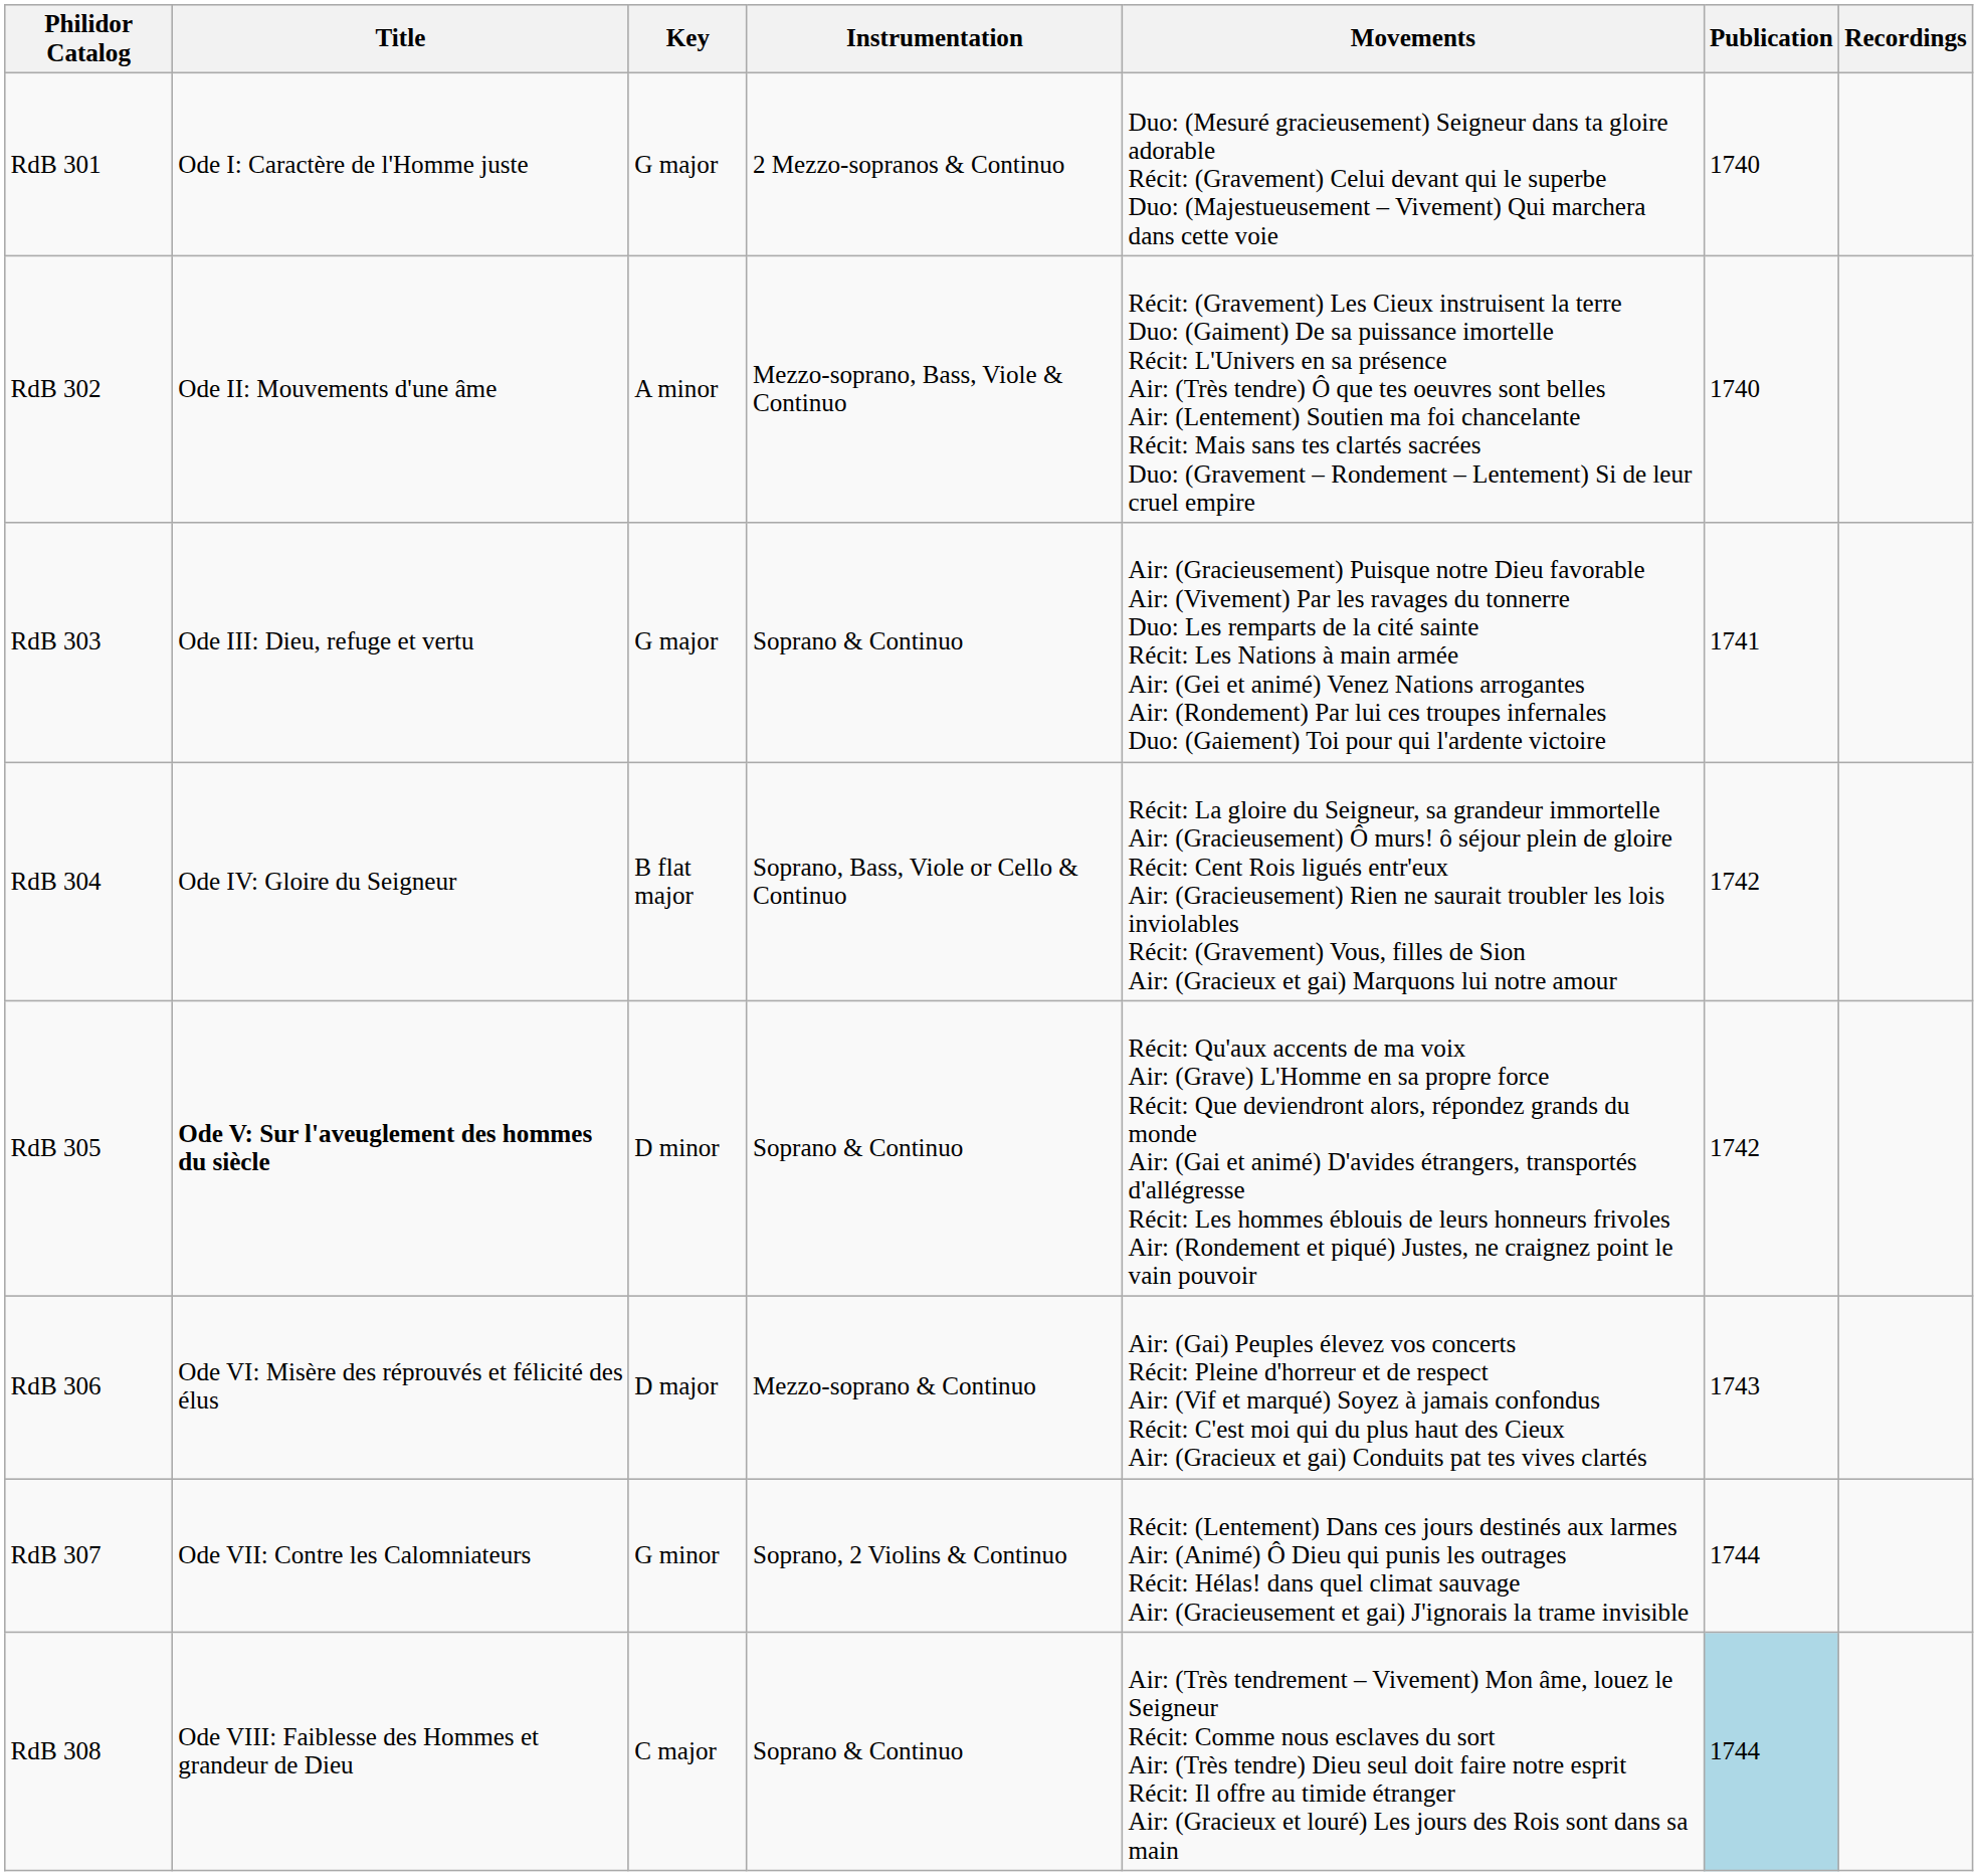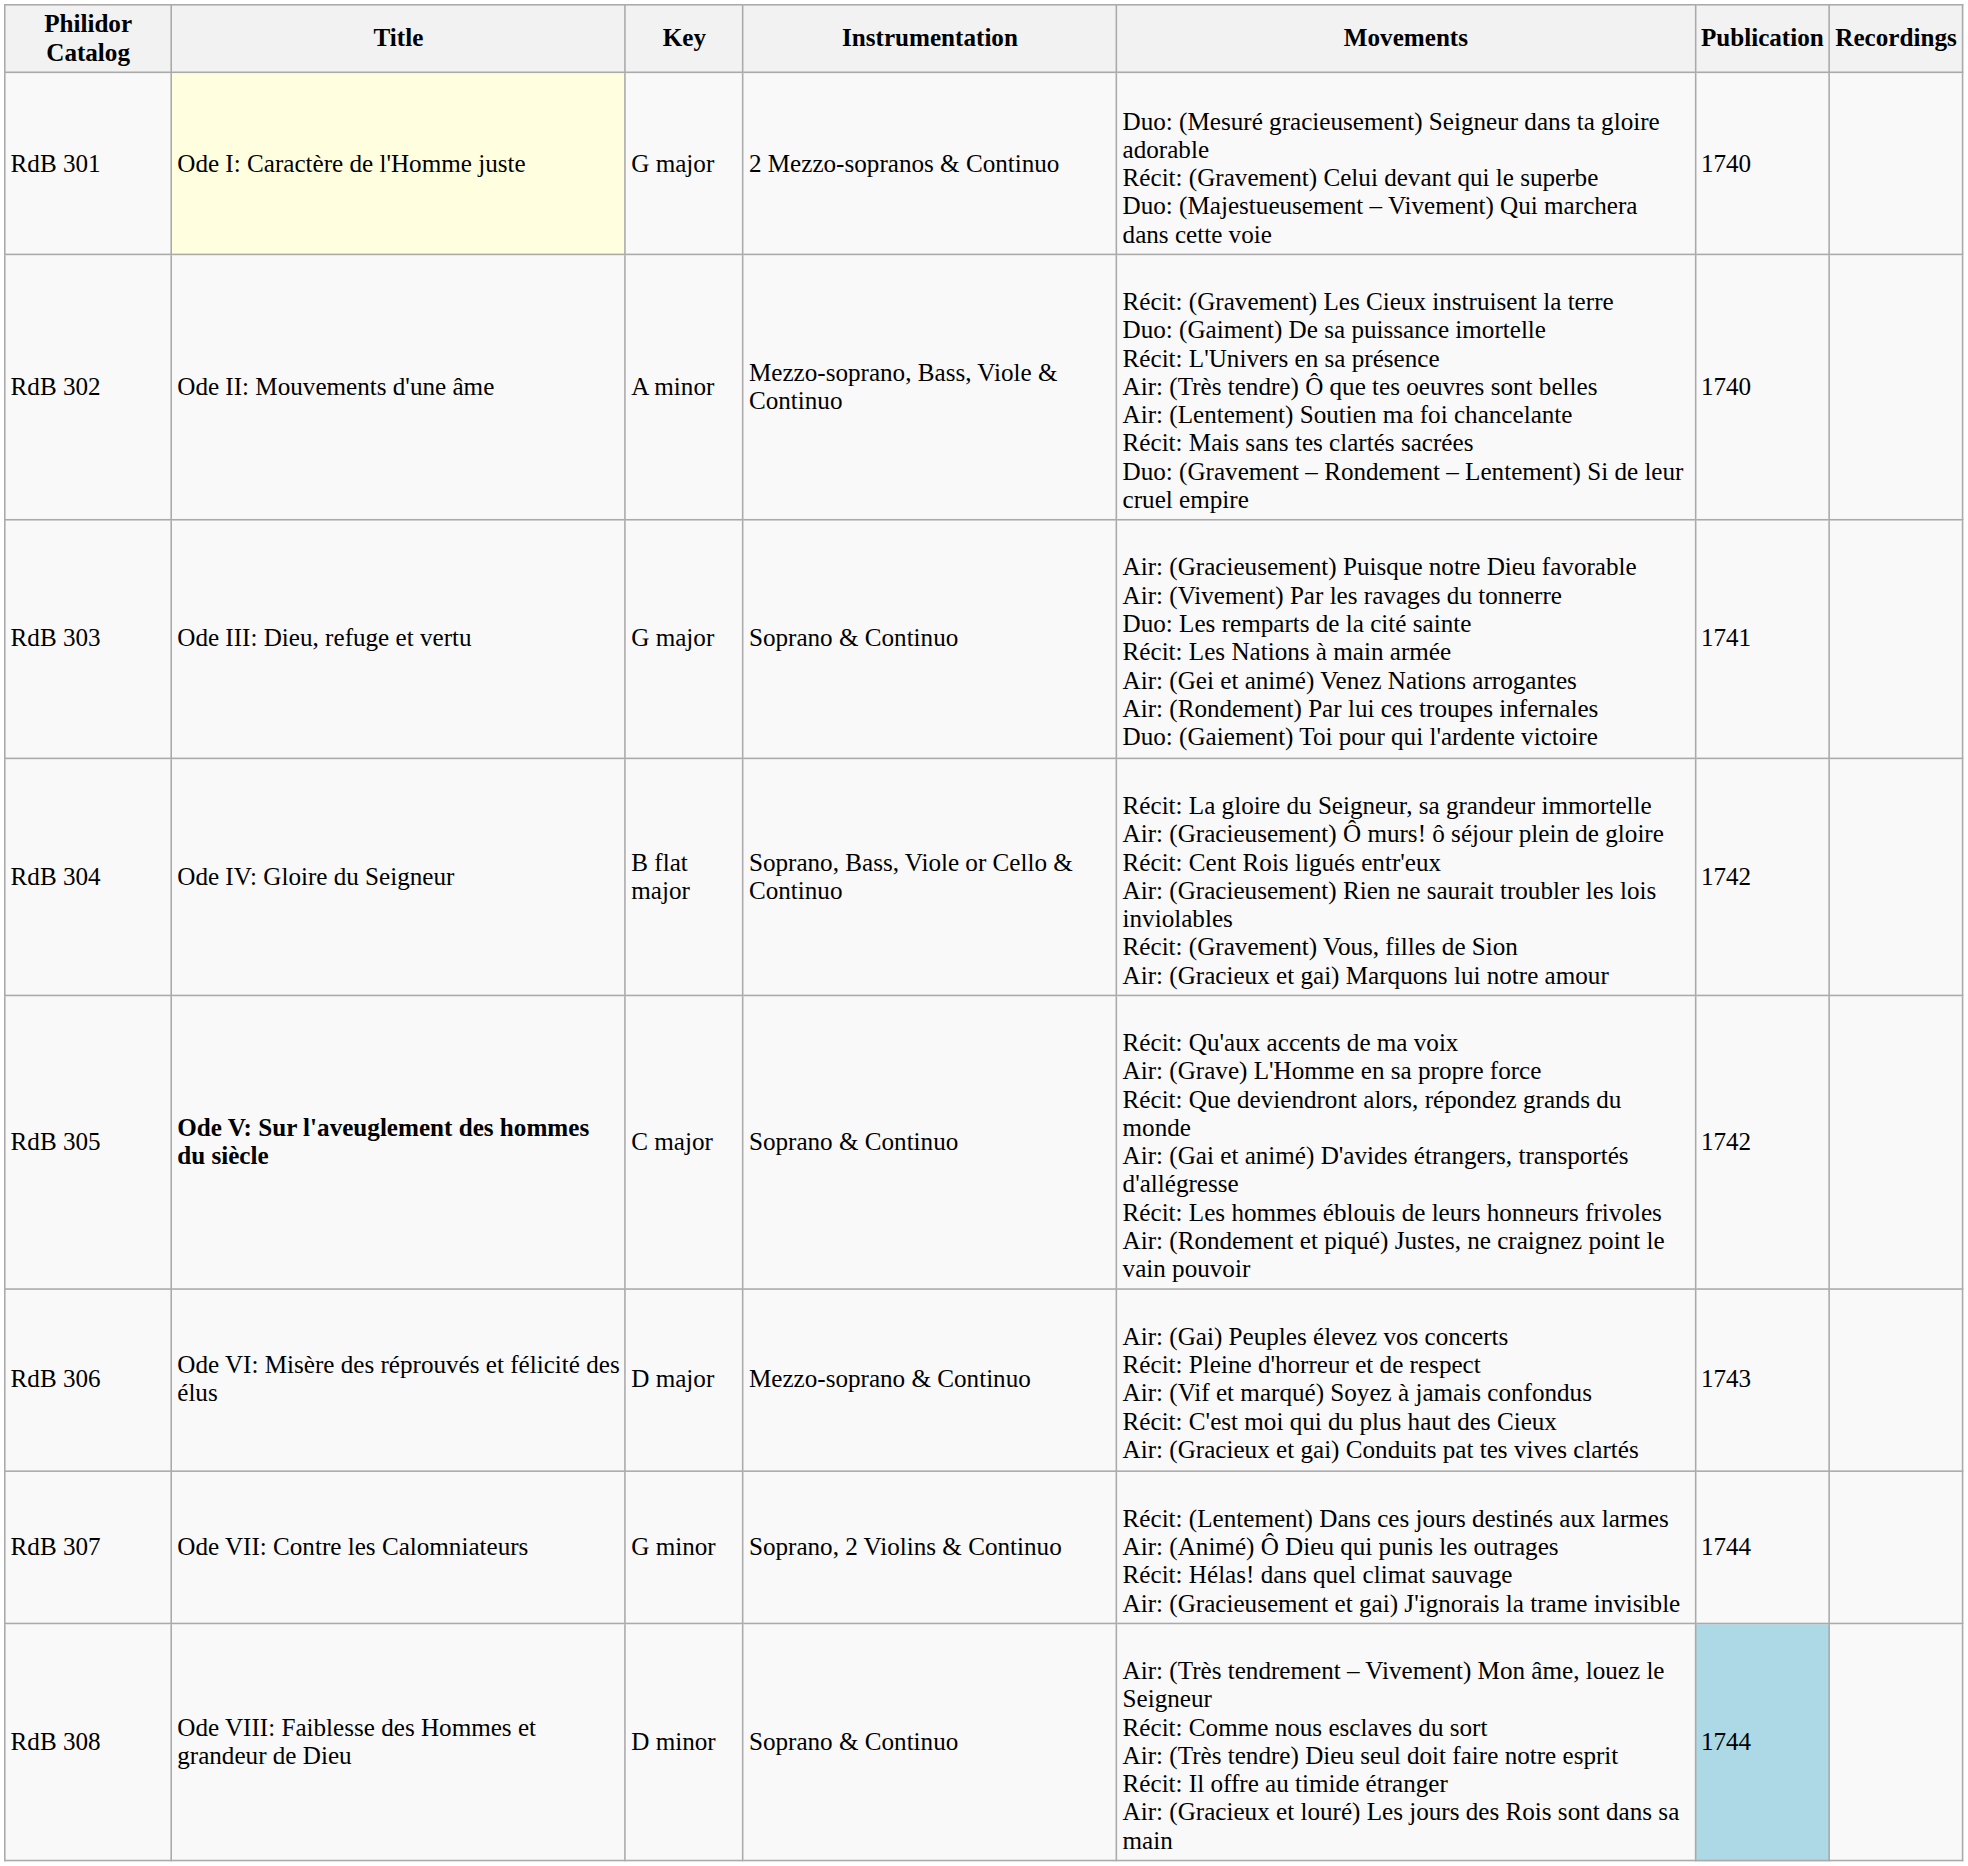 <table class="wikitable">
 <tr>
 <th>Philidor Catalog</th>
 <th>Title</th>
 <th>Key</th>
 <th>Instrumentation</th>
 <th>Movements</th>
 <th>Publication</th>
 <th>Recordings</th>
 </tr>
 <tr>
 <td>RdB 301</td>
-<td>Ode I: Caractère de l'Homme juste</td>
+<td style="background: lightyellow;">Ode I: Caractère de l'Homme juste</td>
 <td>G major</td>
 <td>2 Mezzo-sopranos & Continuo</td>
 <td><br>Duo: (Mesuré gracieusement) Seigneur dans ta gloire adorable<br> Récit: (Gravement) Celui devant qui le superbe<br> Duo: (Majestueusement – Vivement) Qui marchera dans cette voie</td>
 <td>1740</td>
 <td></td>
 </tr>
 <tr>
 <td>RdB 302</td>
 <td>Ode II: Mouvements d'une âme</td>
 <td>A minor</td>
 <td>Mezzo-soprano, Bass, Viole & Continuo</td>
 <td><br>Récit: (Gravement) Les Cieux instruisent la terre<br> Duo: (Gaiment) De sa puissance imortelle<br> Récit: L'Univers en sa présence<br> Air: (Très tendre) Ô que tes oeuvres sont belles<br> Air: (Lentement) Soutien ma foi chancelante<br> Récit: Mais sans tes clartés sacrées<br> Duo: (Gravement – Rondement – Lentement) Si de leur cruel empire</td>
 <td>1740</td>
 <td></td>
 </tr>
 <tr>
 <td>RdB 303</td>
 <td>Ode III: Dieu, refuge et vertu</td>
 <td>G major</td>
 <td>Soprano & Continuo</td>
 <td><br>Air: (Gracieusement) Puisque notre Dieu favorable<br> Air: (Vivement) Par les ravages du tonnerre<br> Duo: Les remparts de la cité sainte<br> Récit: Les Nations à main armée<br> Air: (Gei et animé) Venez Nations arrogantes<br> Air: (Rondement) Par lui ces troupes infernales<br> Duo: (Gaiement) Toi pour qui l'ardente victoire</td>
 <td>1741</td>
 <td></td>
 </tr>
 <tr>
 <td>RdB 304</td>
 <td>Ode IV: Gloire du Seigneur</td>
 <td>B flat major</td>
 <td>Soprano, Bass, Viole or Cello & Continuo</td>
 <td><br>Récit: La gloire du Seigneur, sa grandeur immortelle<br> Air: (Gracieusement) Ô murs! ô séjour plein de gloire<br> Récit: Cent Rois ligués entr'eux<br> Air: (Gracieusement) Rien ne saurait troubler les lois inviolables<br> Récit: (Gravement) Vous, filles de Sion<br> Air: (Gracieux et gai) Marquons lui notre amour</td>
 <td>1742</td>
 <td></td>
 </tr>
 <tr>
 <td>RdB 305</td>
 <td><strong>Ode V: Sur l'aveuglement des hommes du siècle</strong></td>
-<td>D minor</td>
+<td>C major</td>
 <td>Soprano & Continuo</td>
 <td><br>Récit: Qu'aux accents de ma voix<br> Air: (Grave) L'Homme en sa propre force<br> Récit: Que deviendront alors, répondez grands du monde<br> Air: (Gai et animé) D'avides étrangers, transportés d'allégresse<br> Récit: Les hommes éblouis de leurs honneurs frivoles<br> Air: (Rondement et piqué) Justes, ne craignez point le vain pouvoir</td>
 <td>1742</td>
 <td></td>
 </tr>
 <tr>
 <td>RdB 306</td>
 <td>Ode VI: Misère des réprouvés et félicité des élus</td>
 <td>D major</td>
 <td>Mezzo-soprano & Continuo</td>
 <td><br>Air: (Gai) Peuples élevez vos concerts<br> Récit: Pleine d'horreur et de respect<br> Air: (Vif et marqué) Soyez à jamais confondus<br> Récit: C'est moi qui du plus haut des Cieux<br> Air: (Gracieux et gai) Conduits pat tes vives clartés</td>
 <td>1743</td>
 <td></td>
 </tr>
 <tr>
 <td>RdB 307</td>
 <td>Ode VII: Contre les Calomniateurs</td>
 <td>G minor</td>
 <td>Soprano, 2 Violins & Continuo</td>
 <td><br>Récit: (Lentement) Dans ces jours destinés aux larmes<br> Air: (Animé) Ô Dieu qui punis les outrages<br> Récit: Hélas! dans quel climat sauvage<br> Air: (Gracieusement et gai) J'ignorais la trame invisible</td>
 <td>1744</td>
 <td></td>
 </tr>
 <tr>
 <td>RdB 308</td>
 <td>Ode VIII: Faiblesse des Hommes et grandeur de Dieu</td>
-<td>C major</td>
+<td>D minor</td>
 <td>Soprano & Continuo</td>
 <td><br>Air: (Très tendrement – Vivement) Mon âme, louez le Seigneur<br> Récit: Comme nous esclaves du sort<br> Air: (Très tendre) Dieu seul doit faire notre esprit<br> Récit: Il offre au timide étranger<br> Air: (Gracieux et louré) Les jours des Rois sont dans sa main</td>
 <td style="background: lightblue;">1744</td>
 <td></td>
 </tr>
 </table>
